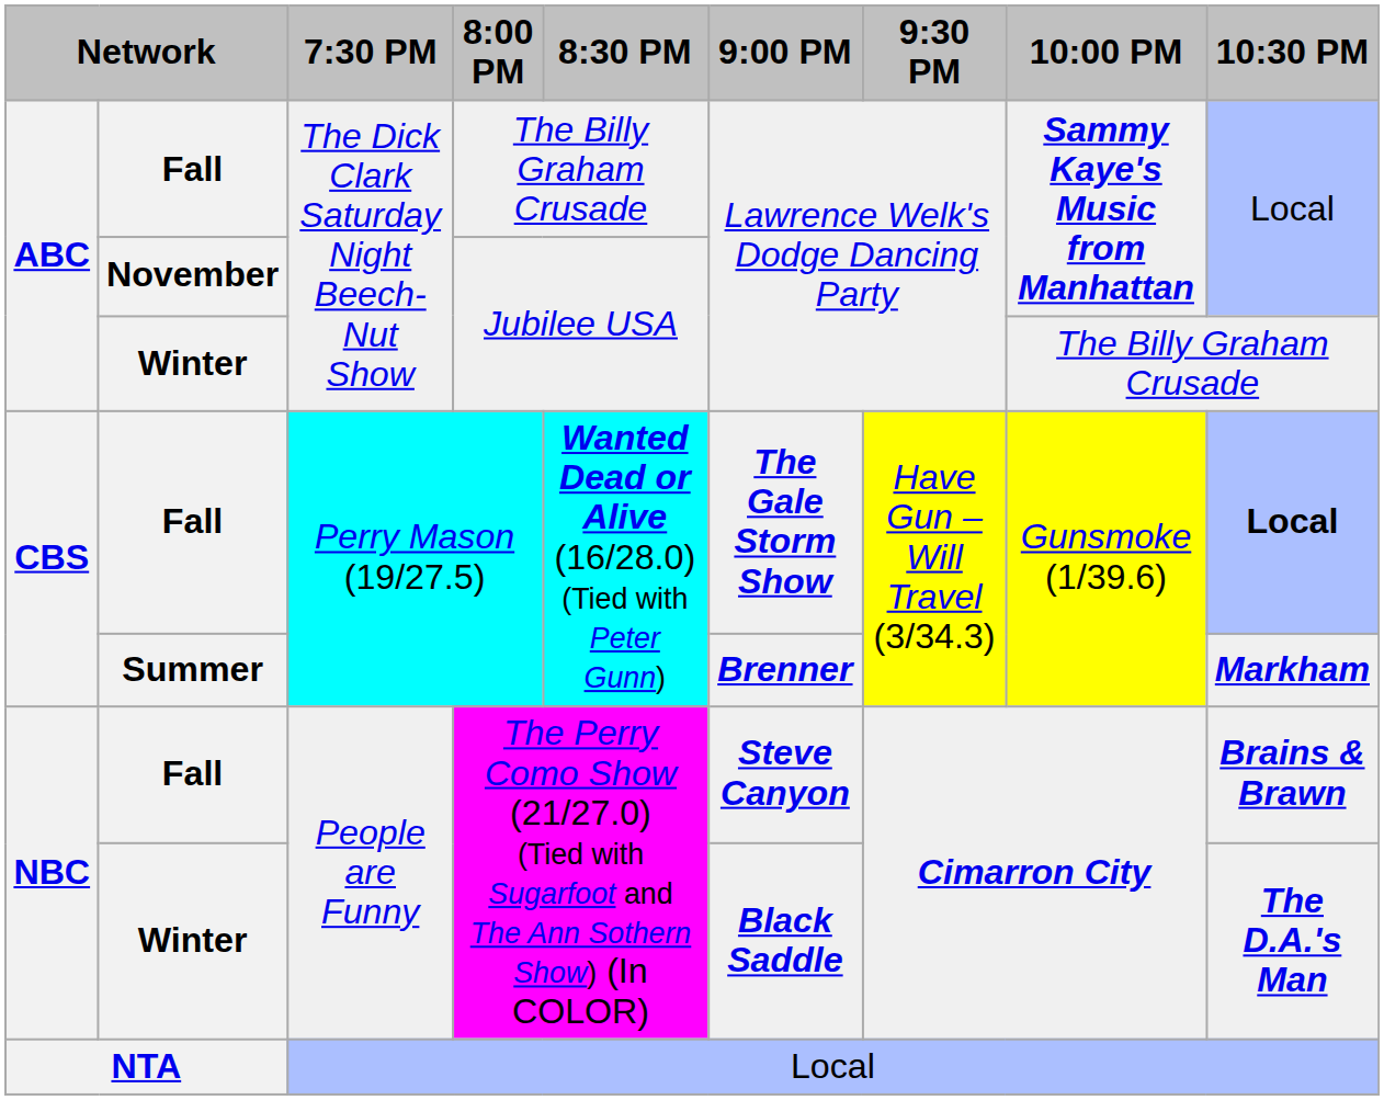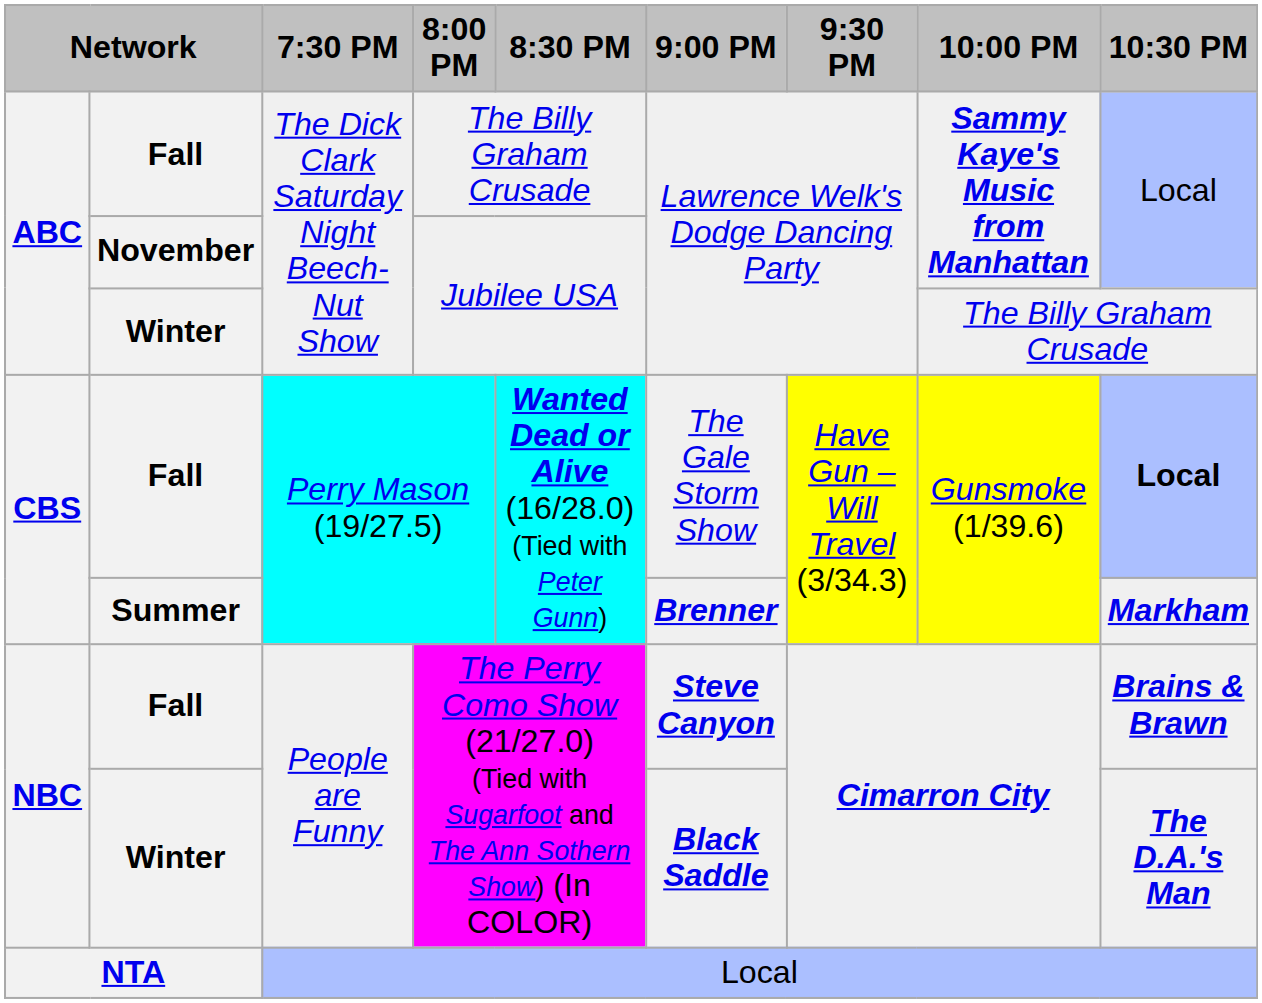 <table class="wikitable" style="width:100%;margin-right:0;text-align:center">
 <tr>
 <th colspan="2" style="background-color:#C0C0C0;text-align:center">Network</th>
 <th style="background-color:#C0C0C0;text-align:center">7:30 PM</th>
 <th style="background-color:#C0C0C0;text-align:center">8:00 PM</th>
 <th style="background-color:#C0C0C0;text-align:center">8:30 PM</th>
 <th style="background-color:#C0C0C0;text-align:center">9:00 PM</th>
 <th style="background-color:#C0C0C0;text-align:center">9:30 PM</th>
 <th style="background-color:#C0C0C0;text-align:center">10:00 PM</th>
 <th style="background-color:#C0C0C0;text-align:center">10:30 PM</th>
 </tr>
 <tr>
 <th rowspan="3"><a href='#'>ABC</a></th>
 <th>Fall</th>
 <td bgcolor="#F0F0F0" rowspan="3"><em><a href='#'>The Dick Clark Saturday Night Beech-Nut Show</a></em></td>
 <td bgcolor="#F0F0F0" colspan="2"><em><a href='#'>The Billy Graham Crusade</a></em></td>
 <td bgcolor="#F0F0F0" colspan="2" rowspan="3"><em><a href='#'>Lawrence Welk's Dodge Dancing Party</a></em></td>
 <td bgcolor="#F0F0F0" rowspan="2"><strong><em><a href='#'>Sammy Kaye's Music from Manhattan</a></em></strong></td>
 <td bgcolor="#abbfff" rowspan="2">Local</td>
 </tr>
 <tr>
 <th>November</th>
 <td bgcolor="#F0F0F0" colspan="2"  rowspan="2"><em><a href='#'>Jubilee USA</a></em></td>
 </tr>
 <tr>
 <th>Winter</th>
 <td bgcolor="#F0F0F0" colspan="2"><em><a href='#'>The Billy Graham Crusade</a></em></td>
 </tr>
 <tr>
 <th rowspan="2"><a href='#'>CBS</a></th>
 <th>Fall</th>
 <td bgcolor="#00FFFF" colspan="2" rowspan="2"><em><a href='#'>Perry Mason</a></em> (19/27.5)</td>
 <td bgcolor="#00FFFF" rowspan="2"><strong><em><a href='#'>Wanted Dead or Alive</a></em></strong> (16/28.0)<br><small>(Tied with <em><a href='#'>Peter Gunn</a></em>)</small></td>
-<td bgcolor="#F0F0F0"><strong><em><a href='#'>The Gale Storm Show</a></em></strong></td>
+<td bgcolor="#F0F0F0"><em><a href='#'>The Gale Storm Show</a></em></td>
 <td bgcolor="#FFFF00" rowspan="2"><em><a href='#'>Have Gun – Will Travel</a></em> (3/34.3)</td>
 <td bgcolor="#FFFF00" rowspan="2"><em><a href='#'>Gunsmoke</a></em> (1/39.6)</td>
 <td bgcolor="#abbfff"><strong>Local</strong></td>
 </tr>
 <tr>
 <th>Summer</th>
 <td bgcolor="#F0F0F0"><strong><em><a href='#'>Brenner</a></em></strong></td>
 <td bgcolor="#F0F0F0"><strong><em><a href='#'>Markham</a></em></strong></td>
 </tr>
 <tr>
 <th rowspan="2"><a href='#'>NBC</a></th>
 <th>Fall</th>
 <td rowspan="2" bgcolor="#F0F0F0"><em><a href='#'>People are Funny</a></em></td>
 <td colspan="2" rowspan="2" bgcolor="#FF00FF"><em><a href='#'>The Perry Como Show</a></em> (21/27.0)<br><small>(Tied with <em><a href='#'>Sugarfoot</a></em> and <em><a href='#'>The Ann Sothern Show</a></em>)</small> (In <span>C</span><span>O</span><span>L</span><span>O</span><span>R</span>)</td>
 <td bgcolor="#F0F0F0"><strong><em><a href='#'>Steve Canyon</a></em></strong></td>
 <td colspan="2" rowspan="2" bgcolor="#F0F0F0"><strong><em><a href='#'>Cimarron City</a></em></strong></td>
 <td bgcolor="#F0F0F0"><strong><em><a href='#'>Brains & Brawn</a></em></strong></td>
 </tr>
 <tr>
 <th>Winter</th>
 <td bgcolor="#F0F0F0"><strong><em><a href='#'>Black Saddle</a></em></strong></td>
 <td bgcolor="#F0F0F0"><strong><em><a href='#'>The D.A.'s Man</a></em></strong></td>
 </tr>
 <tr>
 <th colspan="2"><a href='#'>NTA</a></th>
 <td colspan="7" bgcolor="#abbfff">Local</td>
 </tr>
 </table>
